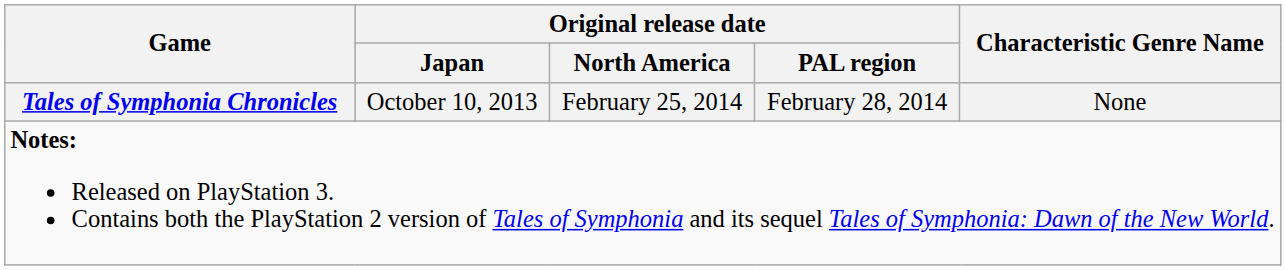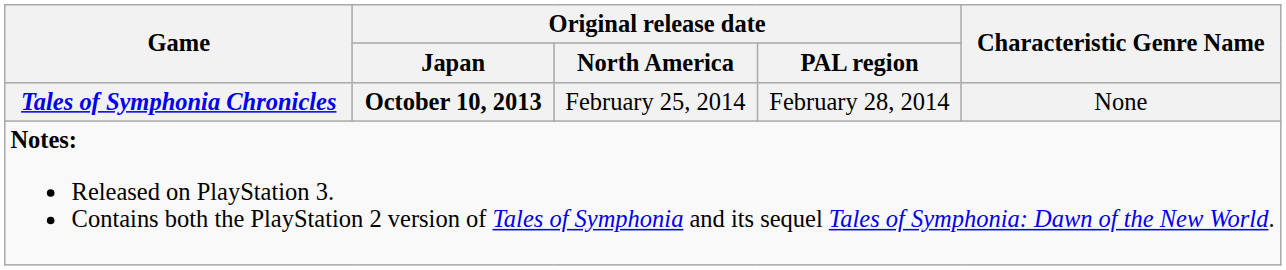 <table class="wikitable" border="1">
 <tr style="text-align: center;">
 <th rowspan="2">Game</th>
 <th colspan="3">Original release date</th>
 <th rowspan="2">Characteristic Genre Name</th>
 </tr>
 <tr>
 <th>Japan</th>
 <th>North America</th>
 <th>PAL region</th>
 </tr>
 <tr style="background:#f2f2f2; text-align:center;">
 <td><strong><em><a href='#'>Tales of Symphonia Chronicles</a></em></strong></td>
-<td>October 10, 2013</td>
+<td><strong>October 10, 2013</strong></td>
 <td>February 25, 2014</td>
 <td>February 28, 2014</td>
 <td>None</td>
 </tr>
 <tr>
 <td colspan="5" style="border: none; vertical-align: top;"><strong>Notes:</strong><br><ul><li>Released on PlayStation 3.</li><li>Contains both the PlayStation 2 version of <em><a href='#'>Tales of Symphonia</a></em> and its sequel <em><a href='#'>Tales of Symphonia: Dawn of the New World</a></em>.</li></ul></td>
 </tr>
 </table>
